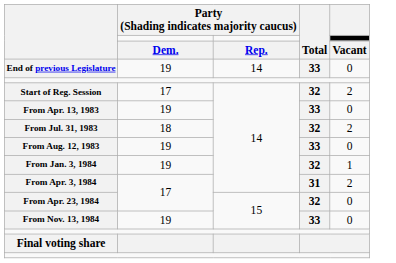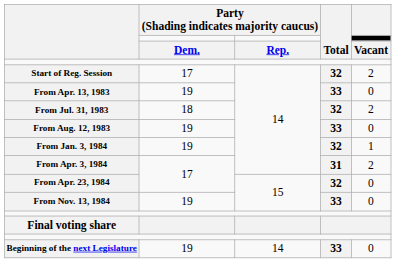 <table class=wikitable style="text-align:center">
 <tr style="vertical-align:bottom;">
 <th rowspan=3></th>
 <th colspan=2>Party <div>(Shading indicates majority caucus)</div></th>
 <th rowspan=3>Total</th>
 <th></th>
 </tr>
 <tr style="height:5px">
 <td style="background-color:"></td>
 <td style="background-color:"></td>
 <td style="background:black;"></td>
 </tr>
 <tr>
 <th><a href='#'>Dem.</a></th>
 <th><a href='#'>Rep.</a></th>
 <th>Vacant</th>
-</tr>
-<tr>
-<th style="font-size:80%;">End of <a href='#'>previous Legislature</a></th>
-<td>19</td>
-<td>14</td>
-<th>33</th>
-<td>0</td>
 </tr>
 <tr>
 <td colspan=5></td>
 </tr>
 <tr>
 <th style="font-size:80%;">Start of Reg. Session</th>
 <td>17</td>
 <td rowspan="6">14</td>
 <th>32</th>
 <td>2</td>
 </tr>
 <tr>
 <th style="font-size:80%;">From Apr. 13, 1983</th>
 <td>19</td>
 <th>33</th>
 <td>0</td>
 </tr>
 <tr>
 <th style="font-size:80%;">From Jul. 31, 1983</th>
 <td>18</td>
 <th>32</th>
 <td>2</td>
 </tr>
 <tr>
 <th style="font-size:80%;">From Aug. 12, 1983</th>
 <td>19</td>
 <th>33</th>
 <td>0</td>
 </tr>
 <tr>
 <th style="font-size:80%;">From Jan. 3, 1984</th>
 <td>19</td>
 <th>32</th>
 <td>1</td>
 </tr>
 <tr>
 <th style="font-size:80%;">From Apr. 3, 1984</th>
 <td rowspan="2" >17</td>
 <th>31</th>
 <td>2</td>
 </tr>
 <tr>
 <th style="font-size:80%;">From Apr. 23, 1984</th>
 <td rowspan="2">15</td>
 <th>32</th>
 <td>0</td>
 </tr>
 <tr>
 <th style="font-size:80%;">From Nov. 13, 1984</th>
 <td>19</td>
 <th>33</th>
 <td>0</td>
 </tr>
 <tr>
 <td colspan=5></td>
 </tr>
 <tr>
 <th>Final voting share</th>
 <th></th>
 <th></th>
 <th colspan=2></th>
 </tr>
 <tr>
 <td colspan=5></td>
 </tr>
+<tr>
+<th style="font-size:80%;">Beginning of the <a href='#'>next Legislature</a></th>
+<td>19</td>
+<td>14</td>
+<th>33</th>
+<td>0</td>
+</tr>
 </table>
